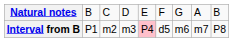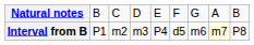 <table class="wikitable">
 <tr>
 <th><a href='#'>Natural notes</a></th>
 <td>B</td>
 <td>C</td>
 <td>D</td>
 <td>E</td>
 <td>F</td>
 <td>G</td>
 <td>A</td>
 <td>B</td>
 </tr>
 <tr>
 <th><a href='#'>Interval</a> from B</th>
 <td>P1</td>
 <td>m2</td>
 <td>m3</td>
-<td style="background: pink;">P4</td>
+<td>P4</td>
 <td>d5</td>
 <td>m6</td>
-<td>m7</td>
+<td style="background: lightyellow;">m7</td>
 <td>P8</td>
 </tr>
 </table>
